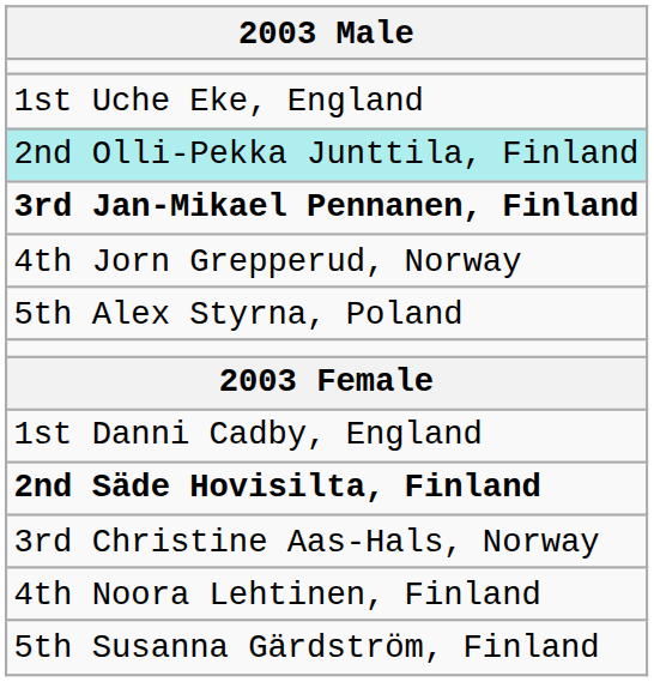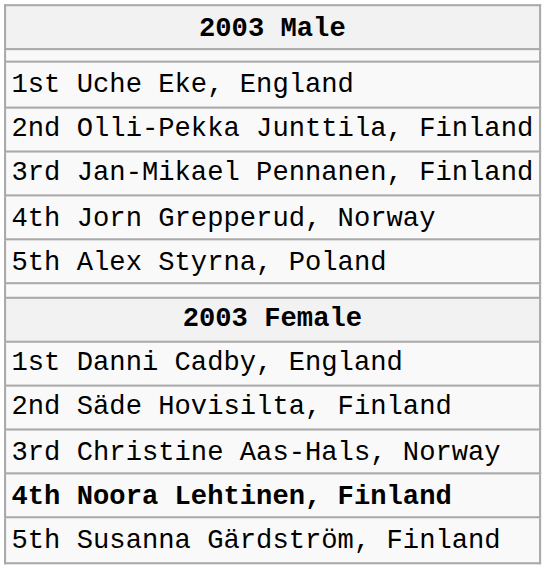 <table class="wikitable" style="float:left; margin-right:1em">
 <tr>
 <th>2003 Male</th>
 </tr>
 <tr>
 <td></td>
 </tr>
 <tr>
 <td>1st Uche Eke, England</td>
 </tr>
 <tr>
-<td style="background: paleturquoise;">2nd Olli-Pekka Junttila, Finland</td>
+<td>2nd Olli-Pekka Junttila, Finland</td>
 </tr>
 <tr>
-<td><strong>3rd Jan-Mikael Pennanen, Finland</strong></td>
+<td>3rd Jan-Mikael Pennanen, Finland</td>
 </tr>
 <tr>
 <td>4th Jorn Grepperud, Norway</td>
 </tr>
 <tr>
 <td>5th Alex Styrna, Poland</td>
 </tr>
 <tr>
 <td></td>
 </tr>
 <tr>
 <th>2003 Female</th>
 </tr>
 <tr>
 <td>1st Danni Cadby, England</td>
 </tr>
 <tr>
-<td><strong>2nd Säde Hovisilta, Finland</strong></td>
+<td>2nd Säde Hovisilta, Finland</td>
 </tr>
 <tr>
 <td>3rd Christine Aas-Hals, Norway</td>
 </tr>
 <tr>
-<td>4th Noora Lehtinen, Finland</td>
+<td><strong>4th Noora Lehtinen, Finland</strong></td>
 </tr>
 <tr>
 <td>5th Susanna Gärdström, Finland</td>
 </tr>
 </table>
